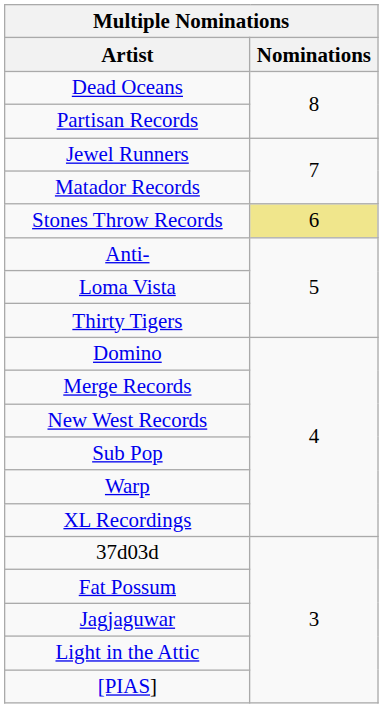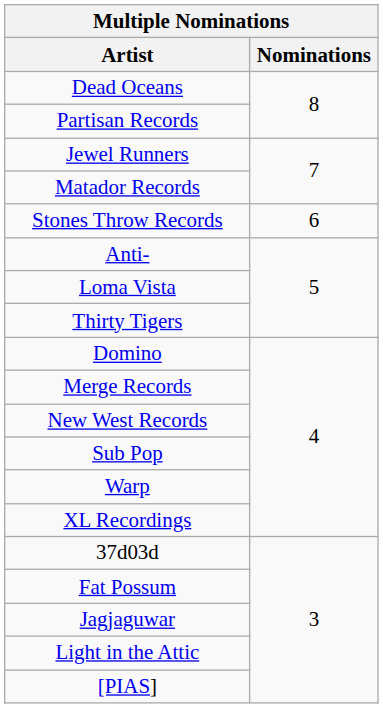 <table class="wikitable sortable" style="text-align: center">
 <tr>
 <th colspan="2" align="center">Multiple Nominations</th>
 </tr>
 <tr>
 <th style="width:180px;">Artist</th>
 <th style="width:090px;">Nominations</th>
 </tr>
 <tr>
 <td><a href='#'>Dead Oceans</a></td>
 <td rowspan="2">8</td>
 </tr>
 <tr>
 <td><a href='#'>Partisan Records</a></td>
 </tr>
 <tr>
 <td><a href='#'>Jewel Runners</a></td>
 <td rowspan="2">7</td>
 </tr>
 <tr>
 <td><a href='#'>Matador Records</a></td>
 </tr>
 <tr>
 <td><a href='#'>Stones Throw Records</a></td>
-<td style="background: khaki;">6</td>
+<td>6</td>
 </tr>
 <tr>
 <td><a href='#'>Anti-</a></td>
 <td rowspan="3">5</td>
 </tr>
 <tr>
 <td><a href='#'>Loma Vista</a></td>
 </tr>
 <tr>
 <td><a href='#'>Thirty Tigers</a></td>
 </tr>
 <tr>
 <td><a href='#'>Domino</a></td>
 <td rowspan="6">4</td>
 </tr>
 <tr>
 <td><a href='#'>Merge Records</a></td>
 </tr>
 <tr>
 <td><a href='#'>New West Records</a></td>
 </tr>
 <tr>
 <td><a href='#'>Sub Pop</a></td>
 </tr>
 <tr>
 <td><a href='#'>Warp</a></td>
 </tr>
 <tr>
 <td><a href='#'>XL Recordings</a></td>
 </tr>
 <tr>
 <td>37d03d</td>
 <td rowspan="5">3</td>
 </tr>
 <tr>
 <td><a href='#'>Fat Possum</a></td>
 </tr>
 <tr>
 <td><a href='#'>Jagjaguwar</a></td>
 </tr>
 <tr>
 <td><a href='#'>Light in the Attic</a></td>
 </tr>
 <tr>
 <td><a href='#'>[PIAS</a>]</td>
 </tr>
 </table>
